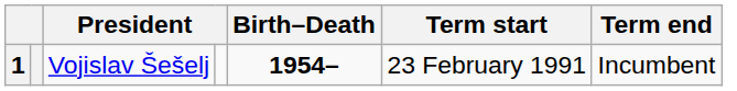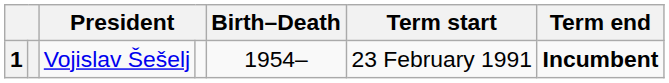 <table class="wikitable" style="text-align:center">
 <tr>
 <th colspan="2"></th>
 <th colspan="2">President</th>
 <th>Birth–Death</th>
 <th>Term start</th>
 <th>Term end</th>
 </tr>
 <tr>
 <th>1</th>
 <th style="background:"></th>
 <td><a href='#'>Vojislav Šešelj</a></td>
 <td></td>
-<td><strong>1954–</strong></td>
+<td>1954–</td>
 <td>23 February 1991</td>
-<td>Incumbent</td>
+<td><strong>Incumbent</strong></td>
 </tr>
 </table>
